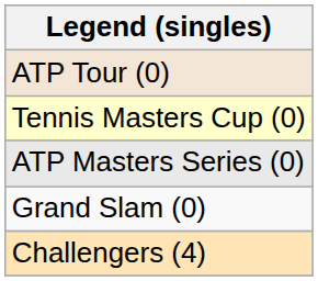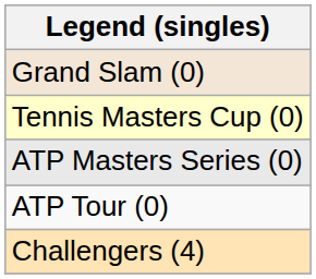 <table class="wikitable">
 <tr>
 <th>Legend (singles)</th>
 </tr>
 <tr bgcolor="#f3e6d7">
-<td>ATP Tour (0)</td>
+<td>Grand Slam (0)</td>
 </tr>
 <tr bgcolor="ffffcc">
 <td>Tennis Masters Cup (0)</td>
 </tr>
 <tr bgcolor="#e9e9e9">
 <td>ATP Masters Series (0)</td>
 </tr>
 <tr>
-<td>Grand Slam (0)</td>
+<td>ATP Tour (0)</td>
 </tr>
 <tr bgcolor="moccasin">
 <td>Challengers (4)</td>
 </tr>
 </table>
